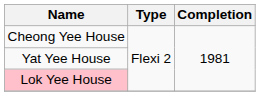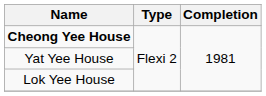 <table class="wikitable" style="text-align: center">
 <tr>
 <th>Name</th>
 <th>Type</th>
 <th>Completion</th>
 </tr>
 <tr>
-<td>Cheong Yee House</td>
+<td><strong>Cheong Yee House</strong></td>
 <td rowspan="3">Flexi 2</td>
 <td rowspan="3">1981</td>
 </tr>
 <tr>
 <td>Yat Yee House</td>
 </tr>
 <tr>
-<td style="background: pink;">Lok Yee House</td>
+<td>Lok Yee House</td>
 </tr>
 <tr>
 </tr>
 </table>
